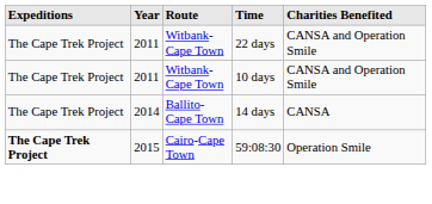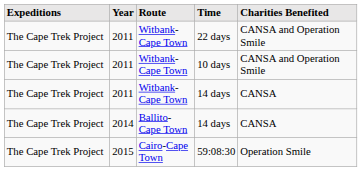 <table class="wikitable" style= style="width:70%;">
 <tr>
 <td scope="col" style="background:#e8e7e7; width:150px;"><strong>Expeditions</strong></td>
 <td scope="col" style="background:#e8e7e7; width:30px;"><strong>Year</strong></td>
 <td scope="col" style="background:#e8e7e7; width:80px;"><strong>Route</strong></td>
 <td scope="col" style="background:#e8e7e7; width:50px;"><strong>Time</strong></td>
 <td scope="col" style="background:#e8e7e7; width:170px;"><strong>Charities Benefited</strong></td>
 </tr>
 <tr>
 <td>The Cape Trek Project </td>
 <td>2011</td>
 <td><a href='#'>Witbank</a>-<a href='#'>Cape Town</a></td>
 <td>22 days</td>
 <td>CANSA  and Operation Smile </td>
 </tr>
 <tr>
 <td>The Cape Trek Project </td>
 <td>2011</td>
 <td><a href='#'>Witbank</a>-<a href='#'>Cape Town</a></td>
 <td>10 days</td>
 <td>CANSA  and Operation Smile </td>
 </tr>
 <tr>
 <td>The Cape Trek Project </td>
+<td>2011</td>
+<td><a href='#'>Witbank</a>-<a href='#'>Cape Town</a></td>
+<td>14 days</td>
+<td>CANSA </td>
+</tr>
+<tr>
+<td>The Cape Trek Project </td>
 <td>2014</td>
 <td><a href='#'>Ballito</a>-<a href='#'>Cape Town</a></td>
 <td>14 days</td>
 <td>CANSA </td>
 </tr>
 <tr>
-<td><strong>The Cape Trek Project </strong></td>
+<td>The Cape Trek Project </td>
 <td>2015</td>
 <td><a href='#'>Cairo</a>-<a href='#'>Cape Town</a></td>
 <td>59:08:30</td>
 <td>Operation Smile </td>
 </tr>
 </table>
